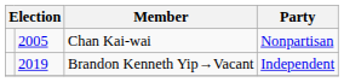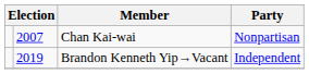 <table class="wikitable">
 <tr>
 <th colspan="2">Election</th>
 <th>Member</th>
 <th>Party</th>
 </tr>
 <tr>
 <td style="color:inherit;background:"></td>
-<td><a href='#'>2005</a></td>
+<td><a href='#'>2007</a></td>
 <td>Chan Kai-wai</td>
 <td><a href='#'>Nonpartisan</a></td>
 </tr>
 <tr>
 <td style="color:inherit;background:"></td>
 <td><a href='#'>2019</a></td>
 <td>Brandon Kenneth Yip→Vacant</td>
 <td><a href='#'>Independent</a></td>
 </tr>
 <tr>
 </tr>
 </table>
